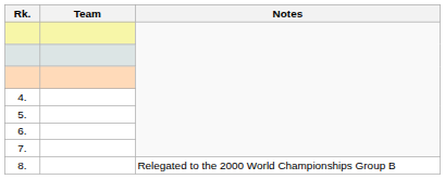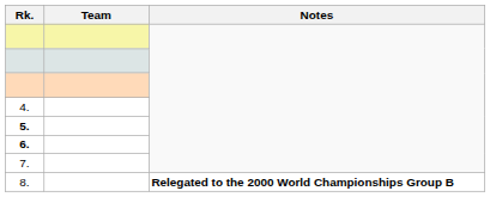 <table class="wikitable" style="border:1px solid #AAAAAA;font-size:90%">
 <tr bgcolor="#E4E4E4">
 <th style="border-bottom:1px solid #AAAAAA" width=40>Rk.</th>
 <th style="border-bottom:1px solid #AAAAAA" width=120>Team</th>
 <th style="border-bottom:1px solid #AAAAAA" width=400>Notes</th>
 </tr>
 <tr bgcolor="#F7F6A8">
 <td align="center" style="height:23px"></td>
 <td><strong></strong></td>
 </tr>
 <tr bgcolor="#DCE5E5">
 <td align="center" style="height:23px"></td>
 <td></td>
 </tr>
 <tr bgcolor="#FFDAB9">
 <td align="center" style="height:23px"></td>
 <td></td>
 </tr>
 <tr style="background:#ffffff;">
 <td align="center">4.</td>
 <td></td>
 </tr>
 <tr style="background:#ffffff;">
-<td align="center">5.</td>
+<td align="center"><strong>5.</strong></td>
 <td></td>
 </tr>
 <tr style="background:#ffffff;">
-<td align="center">6.</td>
+<td align="center"><strong>6.</strong></td>
 <td></td>
 </tr>
 <tr style="background:#ffffff;">
 <td align="center">7.</td>
 <td></td>
 </tr>
 <tr style="background:#ffffff;">
 <td align="center">8.</td>
 <td></td>
-<td>Relegated to the 2000 World Championships Group B</td>
+<td><strong>Relegated to the 2000 World Championships Group B</strong></td>
 </tr>
 </table>
